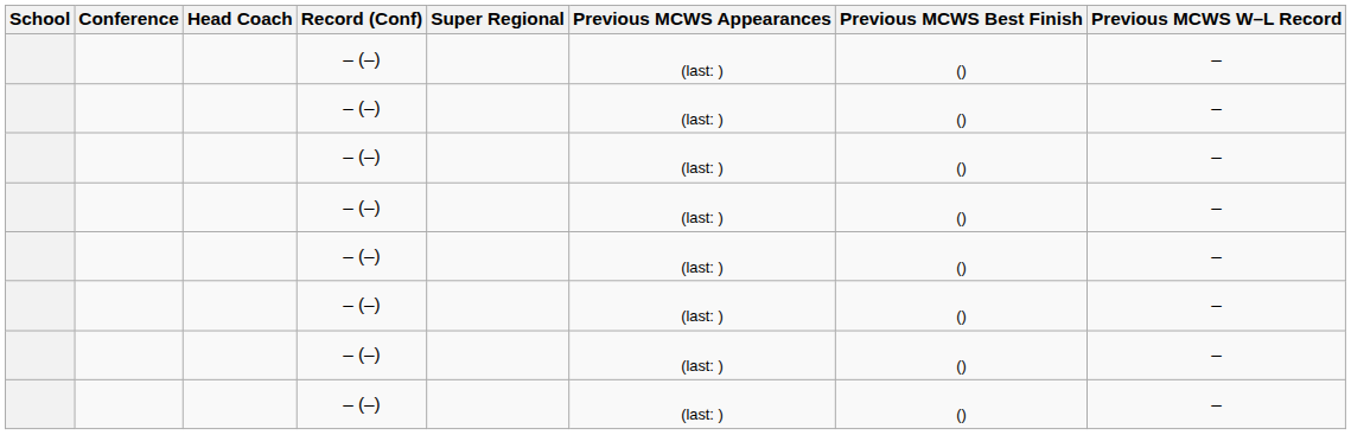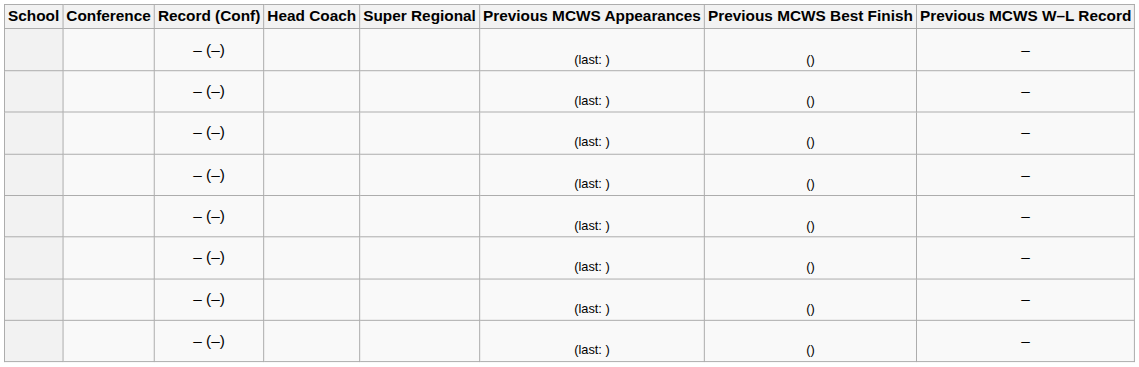 <table class="wikitable sortable plainrowheaders" style="text-align:center">
 <tr>
 <th scope="col">School</th>
 <th scope="col">Conference</th>
+<th scope="col">Record (Conf)</th>
 <th scope="col">Head Coach</th>
-<th scope="col">Record (Conf)</th>
 <th scope="col">Super Regional</th>
 <th scope="col">Previous MCWS Appearances</th>
 <th scope="col">Previous MCWS Best Finish</th>
 <th scope="col">Previous MCWS W–L Record</th>
 </tr>
 <tr>
 <th scope="row" style="text-align:center"></th>
 <td></td>
+<td>– (–)</td>
 <td></td>
-<td>– (–)</td>
 <td></td>
 <td><br><small>(last: )</small></td>
 <td><br><small>()</small></td>
 <td>–</td>
 </tr>
 <tr>
 <th scope="row" style="text-align:center"></th>
 <td></td>
+<td>– (–)</td>
 <td></td>
-<td>– (–)</td>
 <td></td>
 <td><br><small>(last: )</small></td>
 <td><br><small>()</small></td>
 <td>–</td>
 </tr>
 <tr>
 <th scope="row" style="text-align:center"></th>
 <td></td>
+<td>– (–)</td>
 <td></td>
-<td>– (–)</td>
 <td></td>
 <td><br><small>(last: )</small></td>
 <td><br><small>()</small></td>
 <td>–</td>
 </tr>
 <tr>
 <th scope="row" style="text-align:center"></th>
 <td></td>
+<td>– (–)</td>
 <td></td>
-<td>– (–)</td>
 <td></td>
 <td><br><small>(last: )</small></td>
 <td><br><small>()</small></td>
 <td>–</td>
 </tr>
 <tr>
 <th scope="row" style="text-align:center"></th>
 <td></td>
+<td>– (–)</td>
 <td></td>
-<td>– (–)</td>
 <td></td>
 <td><br><small>(last: )</small></td>
 <td><br><small>()</small></td>
 <td>–</td>
 </tr>
 <tr>
 <th scope="row" style="text-align:center"></th>
 <td></td>
+<td>– (–)</td>
 <td></td>
-<td>– (–)</td>
 <td></td>
 <td><br><small>(last: )</small></td>
 <td><br><small>()</small></td>
 <td>–</td>
 </tr>
 <tr>
 <th scope="row" style="text-align:center"></th>
 <td></td>
+<td>– (–)</td>
 <td></td>
-<td>– (–)</td>
 <td></td>
 <td><br><small>(last: )</small></td>
 <td><br><small>()</small></td>
 <td>–</td>
 </tr>
 <tr>
 <th scope="row" style="text-align:center"></th>
 <td></td>
+<td>– (–)</td>
 <td></td>
-<td>– (–)</td>
 <td></td>
 <td><br><small>(last: )</small></td>
 <td><br><small>()</small></td>
 <td>–</td>
 </tr>
 </table>
